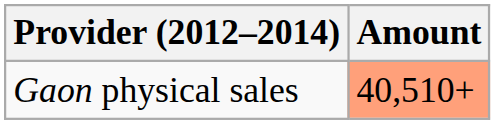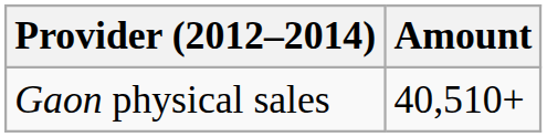 <table class="wikitable">
 <tr>
 <th>Provider (2012–2014)</th>
 <th>Amount</th>
 </tr>
 <tr>
 <td><em>Gaon</em> physical sales</td>
-<td style="background: lightsalmon;">40,510+</td>
+<td>40,510+</td>
 </tr>
 </table>
